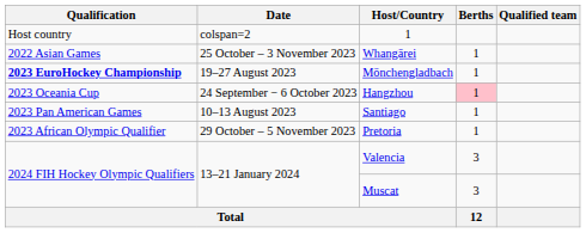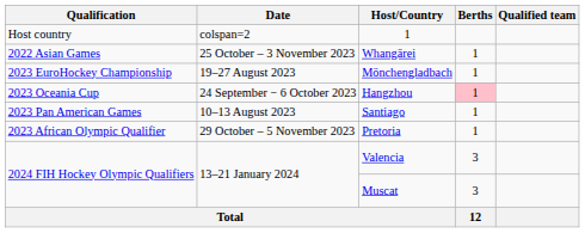 <table class="wikitable">
 <tr>
 <th>Qualification</th>
 <th>Date</th>
 <th>Host/Country</th>
 <th>Berths</th>
 <th>Qualified team</th>
 </tr>
 <tr>
 <td>Host country</td>
 <td>colspan=2 </td>
 <td align=center>1</td>
 <td></td>
 </tr>
 <tr>
 <td><a href='#'>2022 Asian Games</a></td>
 <td>25 October – 3 November 2023</td>
 <td> <a href='#'>Whangārei</a></td>
 <td align=center>1</td>
 <td></td>
 </tr>
 <tr>
-<td><strong><a href='#'>2023 EuroHockey Championship</a></strong></td>
+<td><a href='#'>2023 EuroHockey Championship</a></td>
 <td>19–27 August 2023</td>
 <td> <a href='#'>Mönchengladbach</a></td>
 <td align=center>1</td>
 <td></td>
 </tr>
 <tr>
 <td><a href='#'>2023 Oceania Cup</a></td>
 <td>24 September − 6 October 2023</td>
 <td> <a href='#'>Hangzhou</a></td>
 <td align=center style="background: pink;">1</td>
 <td></td>
 </tr>
 <tr>
 <td><a href='#'>2023 Pan American Games</a></td>
 <td>10–13 August 2023</td>
 <td> <a href='#'>Santiago</a></td>
 <td align=center>1</td>
 <td></td>
 </tr>
 <tr>
 <td><a href='#'>2023 African Olympic Qualifier</a></td>
 <td>29 October – 5 November 2023</td>
 <td> <a href='#'>Pretoria</a></td>
 <td align=center>1</td>
 <td></td>
 </tr>
 <tr>
 <td rowspan=2><a href='#'>2024 FIH Hockey Olympic Qualifiers</a></td>
 <td rowspan=2>13–21 January 2024</td>
 <td> <a href='#'>Valencia</a></td>
 <td align=center>3</td>
 <td><br><br></td>
 </tr>
 <tr>
 <td> <a href='#'>Muscat</a></td>
 <td align=center>3</td>
 <td><br><br></td>
 </tr>
 <tr>
 <th colspan=3>Total</th>
 <th>12</th>
 <th></th>
 </tr>
 </table>
